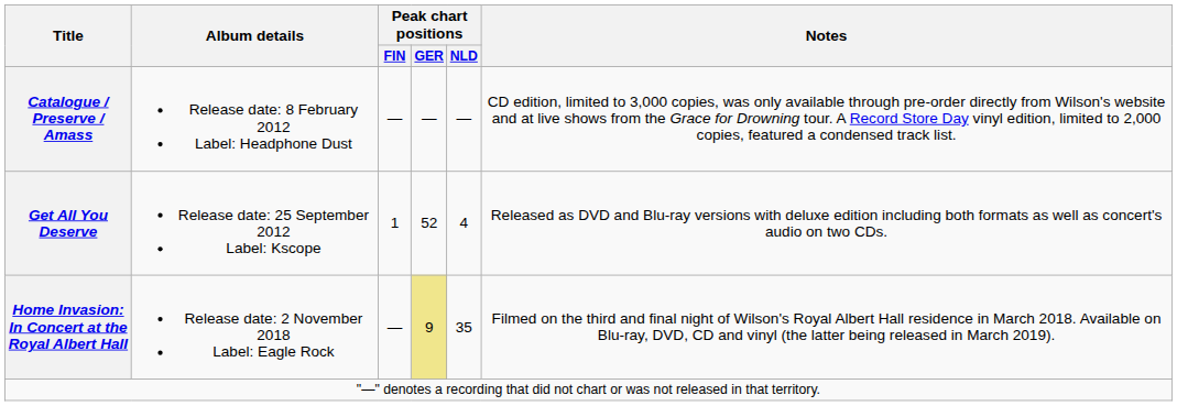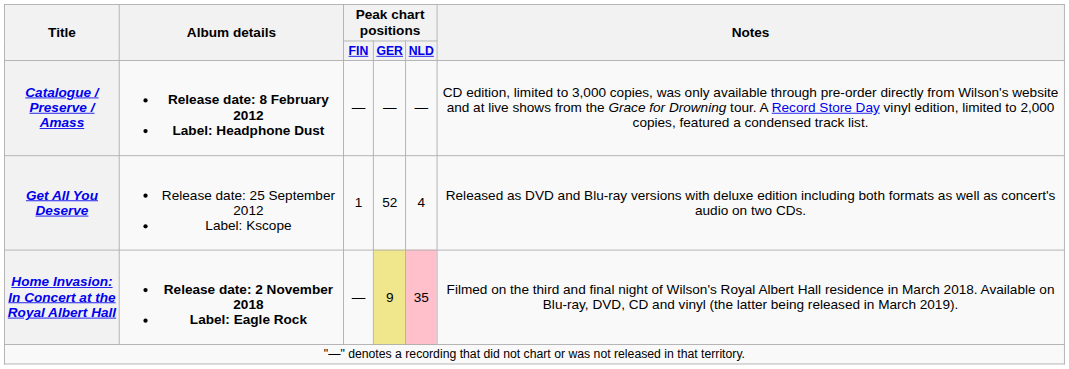 <table class="wikitable plainrowheaders" style="text-align:center;">
 <tr>
 <th scope="col" rowspan="2" style="width:8em;">Title</th>
 <th scope="col" rowspan="2" style="width:16em;">Album details</th>
 <th scope="col" colspan="3">Peak chart positions</th>
 <th scope="col" rowspan="2">Notes</th>
 </tr>
 <tr>
 <th scope="col" style="width:2em;font-size:90%;"><a href='#'>FIN</a><br></th>
 <th scope="col" style="width:2em;font-size:90%;"><a href='#'>GER</a><br></th>
 <th scope="col" style="width:2em;font-size:90%;"><a href='#'>NLD</a><br></th>
 </tr>
 <tr>
 <th scope="row"><em><a href='#'>Catalogue / Preserve / Amass</a></em></th>
-<td><br><ul><li>Release date: 8 February 2012</li><li>Label: Headphone Dust</li></ul></td>
+<td><strong><br><ul><li>Release date: 8 February 2012</li><li>Label: Headphone Dust</li></ul></strong></td>
 <td>—</td>
 <td>—</td>
 <td>—</td>
 <td>CD edition, limited to 3,000 copies, was only available through pre-order directly from Wilson's website and at live shows from the <em>Grace for Drowning</em> tour. A <a href='#'>Record Store Day</a> vinyl edition, limited to 2,000 copies, featured a condensed track list.</td>
 </tr>
 <tr>
 <th scope="row"><em><a href='#'>Get All You Deserve</a></em></th>
 <td><br><ul><li>Release date: 25 September 2012</li><li>Label: Kscope</li></ul></td>
 <td>1</td>
 <td>52</td>
 <td>4</td>
 <td>Released as DVD and Blu-ray versions with deluxe edition including both formats as well as concert's audio on two CDs.</td>
 </tr>
 <tr>
 <th scope="row"><em><a href='#'>Home Invasion: In Concert at the Royal Albert Hall</a></em></th>
-<td><br><ul><li>Release date: 2 November 2018</li><li>Label: Eagle Rock</li></ul></td>
+<td><strong><br><ul><li>Release date: 2 November 2018</li><li>Label: Eagle Rock</li></ul></strong></td>
 <td>—</td>
 <td style="background: khaki;">9</td>
-<td>35</td>
+<td style="background: pink;">35</td>
 <td>Filmed on the third and final night of Wilson's Royal Albert Hall residence in March 2018. Available on Blu-ray, DVD, CD and vinyl (the latter being released in March 2019).</td>
 </tr>
 <tr>
 <td colspan="10" style="font-size:90%">"—" denotes a recording that did not chart or was not released in that territory.</td>
 </tr>
 </table>
